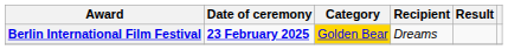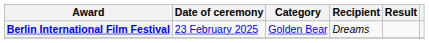 <table class="wikitable sortable plainrowheaders">
 <tr>
 <th>Award</th>
 <th>Date of ceremony</th>
 <th>Category</th>
 <th>Recipient</th>
 <th>Result</th>
 <th></th>
 </tr>
 <tr>
 <th scope="row" rowspan="1"><a href='#'>Berlin International Film Festival</a></th>
-<td rowspan="1"><strong><a href='#'>23 February 2025</a></strong></td>
-<td style="background: gold;"><a href='#'>Golden Bear</a></td>
+<td rowspan="1"><a href='#'>23 February 2025</a></td>
+<td><a href='#'>Golden Bear</a></td>
 <td><em>Dreams</em></td>
 <td></td>
 <td align="center"></td>
 </tr>
 <tr>
 </tr>
 </table>
